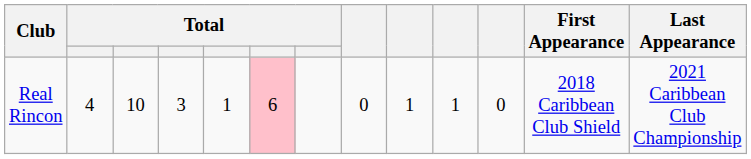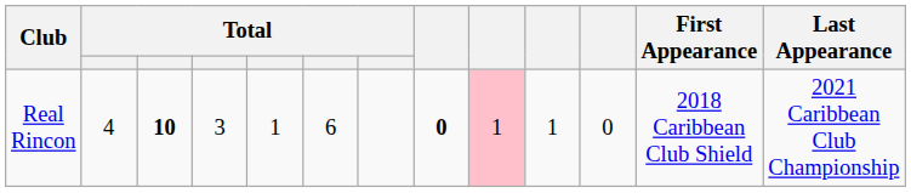 <table class="wikitable sortable" style="font-size:95%; text-align: center;">
 <tr>
 <th rowspan=2>Club</th>
 <th style="width:30px;" colspan=6>Total</th>
 <th rowspan=2 style="width:2em"></th>
 <th rowspan=2 style="width:2em"></th>
 <th rowspan=2 style="width:2em"></th>
 <th rowspan=2 style="width:2em"></th>
 <th rowspan=2>First Appearance</th>
 <th rowspan=2>Last Appearance</th>
 </tr>
 <tr>
 <th style="width:2em"></th>
 <th style="width:2em"></th>
 <th style="width:2em"></th>
 <th style="width:2em"></th>
 <th style="width:2em"></th>
 <th style="width:2em"></th>
 </tr>
 <tr>
 <td><a href='#'>Real Rincon</a></td>
 <td>4</td>
-<td>10</td>
+<td><strong>10</strong></td>
 <td>3</td>
 <td>1</td>
-<td style="background: pink;">6</td>
+<td>6</td>
 <td></td>
-<td>0</td>
-<td>1</td>
+<td><strong>0</strong></td>
+<td style="background: pink;">1</td>
 <td>1</td>
 <td>0</td>
 <td><a href='#'>2018 Caribbean Club Shield</a></td>
 <td><a href='#'>2021 Caribbean Club Championship</a></td>
 </tr>
 </table>
